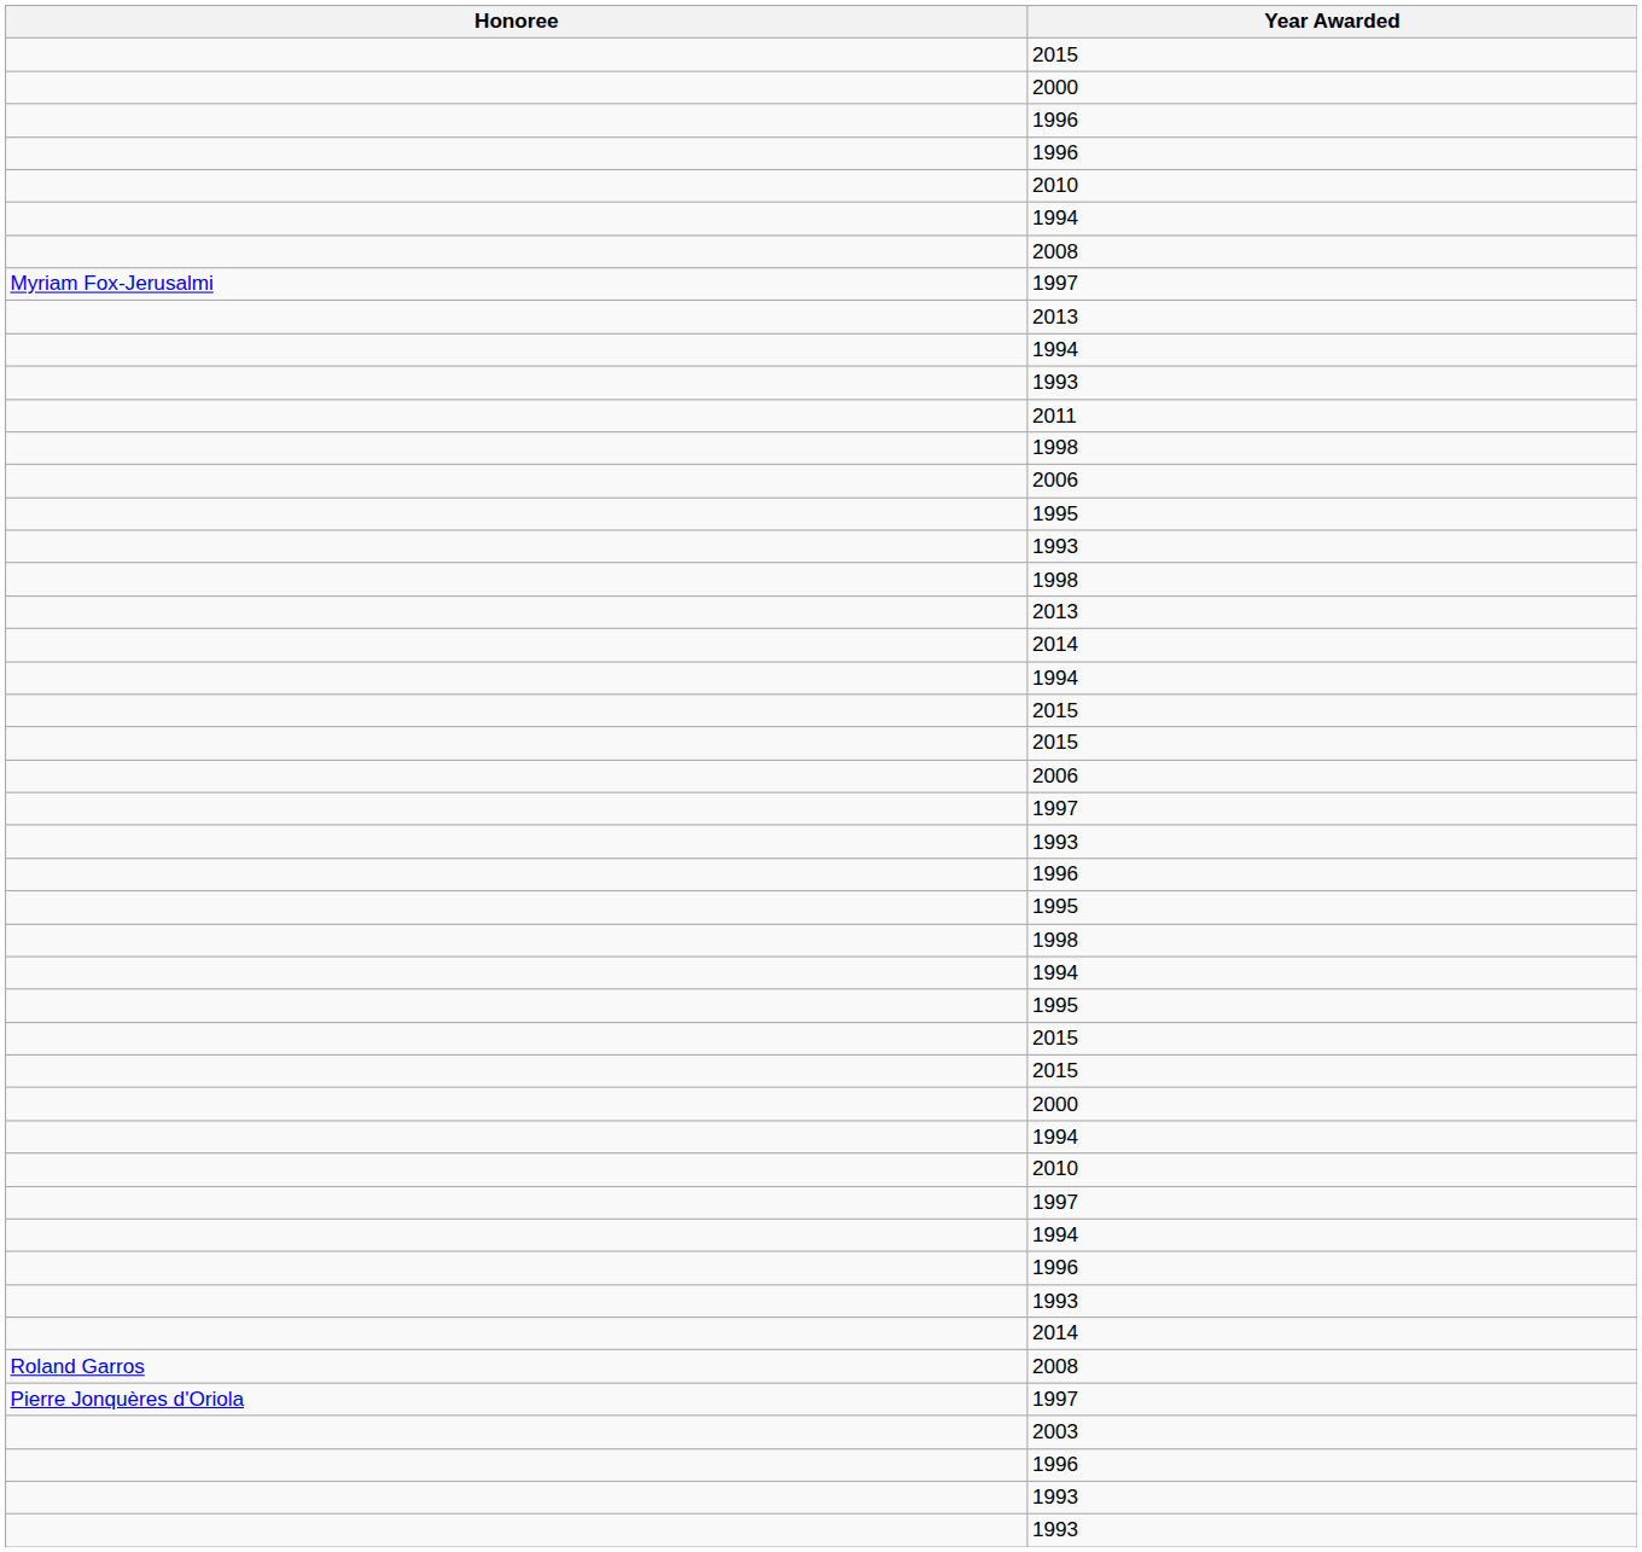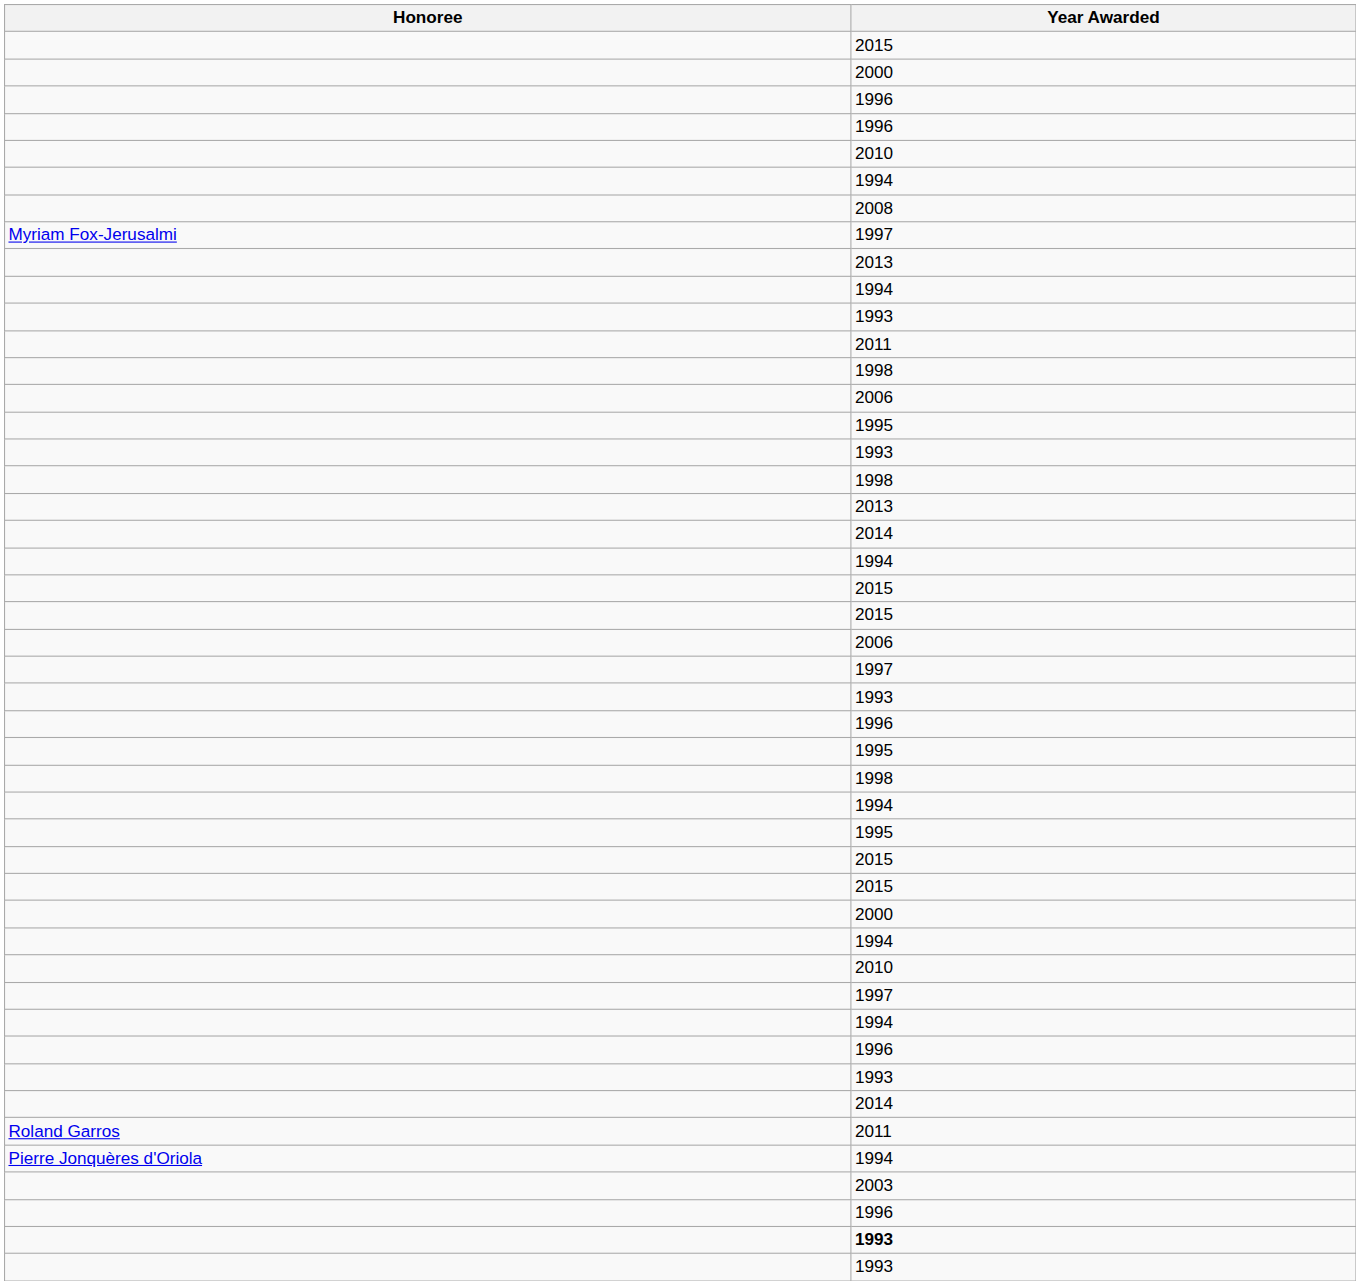 <table class="wikitable sortable" style="width: 100%">
 <tr>
 <th scope="col">Honoree</th>
 <th>Year Awarded</th>
 </tr>
 <tr>
 <td></td>
 <td>2015</td>
 </tr>
 <tr>
 <td></td>
 <td>2000</td>
 </tr>
 <tr>
 <td></td>
 <td>1996</td>
 </tr>
 <tr>
 <td></td>
 <td>1996</td>
 </tr>
 <tr>
 <td></td>
 <td>2010</td>
 </tr>
 <tr>
 <td></td>
 <td>1994</td>
 </tr>
 <tr>
 <td></td>
 <td>2008</td>
 </tr>
 <tr>
 <td><a href='#'>Myriam Fox-Jerusalmi</a></td>
 <td>1997</td>
 </tr>
 <tr>
 <td></td>
 <td>2013</td>
 </tr>
 <tr>
 <td></td>
 <td>1994</td>
 </tr>
 <tr>
 <td></td>
 <td>1993</td>
 </tr>
 <tr>
 <td></td>
 <td>2011</td>
 </tr>
 <tr>
 <td></td>
 <td>1998</td>
 </tr>
 <tr>
 <td></td>
 <td>2006</td>
 </tr>
 <tr>
 <td></td>
 <td>1995</td>
 </tr>
 <tr>
 <td></td>
 <td>1993</td>
 </tr>
 <tr>
 <td></td>
 <td>1998</td>
 </tr>
 <tr>
 <td></td>
 <td>2013</td>
 </tr>
 <tr>
 <td></td>
 <td>2014</td>
 </tr>
 <tr>
 <td></td>
 <td>1994</td>
 </tr>
 <tr>
 <td></td>
 <td>2015</td>
 </tr>
 <tr>
 <td></td>
 <td>2015</td>
 </tr>
 <tr>
 <td></td>
 <td>2006</td>
 </tr>
 <tr>
 <td></td>
 <td>1997</td>
 </tr>
 <tr>
 <td></td>
 <td>1993</td>
 </tr>
 <tr>
 <td></td>
 <td>1996</td>
 </tr>
 <tr>
 <td></td>
 <td>1995</td>
 </tr>
 <tr>
 <td></td>
 <td>1998</td>
 </tr>
 <tr>
 <td></td>
 <td>1994</td>
 </tr>
 <tr>
 <td></td>
 <td>1995</td>
 </tr>
 <tr>
 <td></td>
 <td>2015</td>
 </tr>
 <tr>
 <td></td>
 <td>2015</td>
 </tr>
 <tr>
 <td></td>
 <td>2000</td>
 </tr>
 <tr>
 <td></td>
 <td>1994</td>
 </tr>
 <tr>
 <td></td>
 <td>2010</td>
 </tr>
 <tr>
 <td></td>
 <td>1997</td>
 </tr>
 <tr>
 <td></td>
 <td>1994</td>
 </tr>
 <tr>
 <td></td>
 <td>1996</td>
 </tr>
 <tr>
 <td></td>
 <td>1993</td>
 </tr>
 <tr>
 <td></td>
 <td>2014</td>
 </tr>
 <tr>
 <td><a href='#'>Roland Garros</a></td>
-<td>2008</td>
+<td>2011</td>
 </tr>
 <tr>
 <td><a href='#'>Pierre Jonquères d'Oriola</a></td>
-<td>1997</td>
+<td>1994</td>
 </tr>
 <tr>
 <td></td>
 <td>2003</td>
 </tr>
 <tr>
 <td></td>
 <td>1996</td>
 </tr>
 <tr>
 <td></td>
-<td>1993</td>
+<td><strong>1993</strong></td>
 </tr>
 <tr>
 <td></td>
 <td>1993</td>
 </tr>
 </table>
